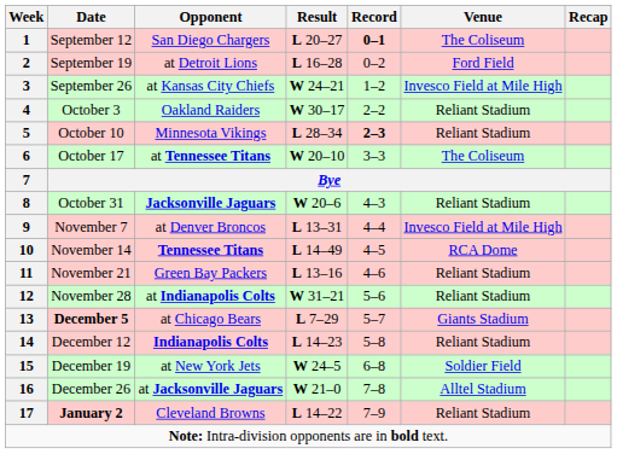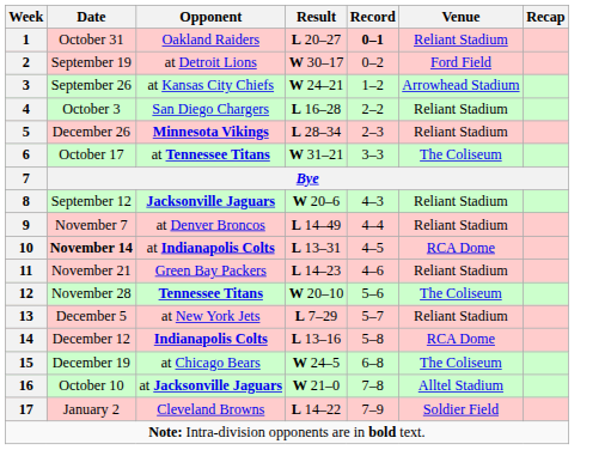 <table class="wikitable" style="text-align:center">
 <tr>
 <th>Week</th>
 <th>Date</th>
 <th>Opponent</th>
 <th>Result</th>
 <th>Record</th>
 <th>Venue</th>
 <th>Recap</th>
 </tr>
 <tr style="background:#fcc">
 <th>1</th>
-<td>September 12</td>
-<td><a href='#'>San Diego Chargers</a></td>
+<td>October 31</td>
+<td><a href='#'>Oakland Raiders</a></td>
 <td><strong>L</strong> 20–27</td>
 <td><strong>0–1</strong></td>
-<td><a href='#'>The Coliseum</a></td>
+<td><a href='#'>Reliant Stadium</a></td>
 <td></td>
 </tr>
 <tr style="background:#fcc">
 <th>2</th>
 <td>September 19</td>
 <td>at <a href='#'>Detroit Lions</a></td>
-<td><strong>L</strong> 16–28</td>
+<td><strong>W</strong> 30–17</td>
 <td>0–2</td>
 <td><a href='#'>Ford Field</a></td>
 <td></td>
 </tr>
 <tr style="background:#cfc">
 <th>3</th>
 <td>September 26</td>
 <td>at <a href='#'>Kansas City Chiefs</a></td>
 <td><strong>W</strong> 24–21</td>
 <td>1–2</td>
-<td><a href='#'>Invesco Field at Mile High</a></td>
+<td><a href='#'>Arrowhead Stadium</a></td>
 <td></td>
 </tr>
 <tr style="background:#cfc">
 <th>4</th>
 <td>October 3</td>
-<td><a href='#'>Oakland Raiders</a></td>
-<td><strong>W</strong> 30–17</td>
+<td><a href='#'>San Diego Chargers</a></td>
+<td><strong>L</strong> 16–28</td>
 <td>2–2</td>
 <td>Reliant Stadium</td>
 <td></td>
 </tr>
 <tr style="background:#fcc">
 <th>5</th>
-<td>October 10</td>
-<td><a href='#'>Minnesota Vikings</a></td>
+<td>December 26</td>
+<td><strong><a href='#'>Minnesota Vikings</a></strong></td>
 <td><strong>L</strong> 28–34 </td>
-<td><strong>2–3</strong></td>
+<td>2–3</td>
 <td>Reliant Stadium</td>
 <td></td>
 </tr>
 <tr style="background:#cfc">
 <th>6</th>
 <td>October 17</td>
 <td>at <strong><a href='#'>Tennessee Titans</a></strong></td>
-<td><strong>W</strong> 20–10</td>
+<td><strong>W</strong> 31–21</td>
 <td>3–3</td>
 <td><a href='#'>The Coliseum</a></td>
 <td></td>
 </tr>
 <tr>
 <th>7</th>
 <th colspan="6"><em><a href='#'>Bye</a></em></th>
 </tr>
 <tr style="background:#cfc">
 <th>8</th>
-<td>October 31</td>
+<td>September 12</td>
 <td><strong><a href='#'>Jacksonville Jaguars</a></strong></td>
 <td><strong>W</strong> 20–6</td>
 <td>4–3</td>
 <td>Reliant Stadium</td>
 <td></td>
 </tr>
 <tr style="background:#fcc">
 <th>9</th>
 <td>November 7</td>
 <td>at <a href='#'>Denver Broncos</a></td>
-<td><strong>L</strong> 13–31</td>
+<td><strong>L</strong> 14–49</td>
 <td>4–4</td>
-<td><a href='#'>Invesco Field at Mile High</a></td>
+<td>Reliant Stadium</td>
 <td></td>
 </tr>
 <tr style="background:#fcc">
 <th>10</th>
-<td>November 14</td>
-<td><strong><a href='#'>Tennessee Titans</a></strong></td>
-<td><strong>L</strong> 14–49</td>
+<td><strong>November 14</strong></td>
+<td>at <strong><a href='#'>Indianapolis Colts</a></strong></td>
+<td><strong>L</strong> 13–31</td>
 <td>4–5</td>
 <td><a href='#'>RCA Dome</a></td>
 <td></td>
 </tr>
 <tr style="background:#fcc">
 <th>11</th>
 <td>November 21</td>
 <td><a href='#'>Green Bay Packers</a></td>
-<td><strong>L</strong> 13–16</td>
+<td><strong>L</strong> 14–23</td>
 <td>4–6</td>
 <td>Reliant Stadium</td>
 <td></td>
 </tr>
 <tr style="background:#cfc">
 <th>12</th>
 <td>November 28</td>
-<td>at <strong><a href='#'>Indianapolis Colts</a></strong></td>
-<td><strong>W</strong> 31–21</td>
+<td><strong><a href='#'>Tennessee Titans</a></strong></td>
+<td><strong>W</strong> 20–10</td>
 <td>5–6</td>
-<td>Reliant Stadium</td>
+<td><a href='#'>The Coliseum</a></td>
 <td></td>
 </tr>
 <tr style="background:#fcc">
 <th>13</th>
-<td><strong>December 5</strong></td>
-<td>at <a href='#'>Chicago Bears</a></td>
+<td>December 5</td>
+<td>at <a href='#'>New York Jets</a></td>
 <td><strong>L</strong> 7–29</td>
 <td>5–7</td>
-<td><a href='#'>Giants Stadium</a></td>
+<td>Reliant Stadium</td>
 <td></td>
 </tr>
 <tr style="background:#fcc">
 <th>14</th>
 <td>December 12</td>
 <td><strong><a href='#'>Indianapolis Colts</a></strong></td>
-<td><strong>L</strong> 14–23</td>
+<td><strong>L</strong> 13–16</td>
 <td>5–8</td>
-<td>Reliant Stadium</td>
+<td><a href='#'>RCA Dome</a></td>
 <td></td>
 </tr>
 <tr style="background:#cfc">
 <th>15</th>
 <td>December 19</td>
-<td>at <a href='#'>New York Jets</a></td>
+<td>at <a href='#'>Chicago Bears</a></td>
 <td><strong>W</strong> 24–5</td>
 <td>6–8</td>
-<td><a href='#'>Soldier Field</a></td>
+<td><a href='#'>The Coliseum</a></td>
 <td></td>
 </tr>
 <tr style="background:#cfc">
 <th>16</th>
-<td>December 26</td>
+<td>October 10</td>
 <td>at <strong><a href='#'>Jacksonville Jaguars</a></strong></td>
 <td><strong>W</strong> 21–0</td>
 <td>7–8</td>
 <td><a href='#'>Alltel Stadium</a></td>
 <td></td>
 </tr>
 <tr style="background:#fcc">
 <th>17</th>
-<td><strong>January 2</strong></td>
+<td>January 2</td>
 <td><a href='#'>Cleveland Browns</a></td>
 <td><strong>L</strong> 14–22</td>
 <td>7–9</td>
-<td>Reliant Stadium</td>
+<td><a href='#'>Soldier Field</a></td>
 <td></td>
 </tr>
 <tr>
 <td colspan="7"><strong>Note:</strong> Intra-division opponents are in <strong>bold</strong> text.</td>
 </tr>
 </table>
